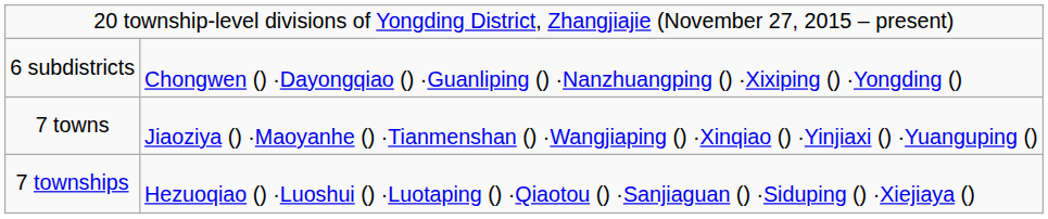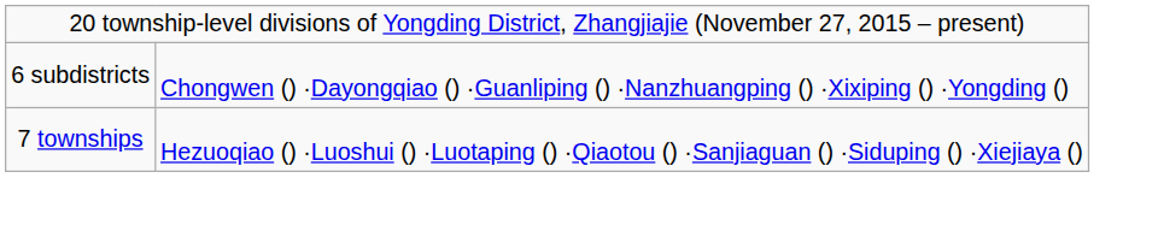 <table class="wikitable">
 <tr>
 <td style="text-align:center;" colspan="2">20 township-level divisions of <a href='#'>Yongding District</a>, <a href='#'>Zhangjiajie</a> (November 27, 2015 – present)</td>
 </tr>
 <tr align=left>
 <td align=center>6 subdistricts</td>
 <td><br><a href='#'>Chongwen</a> () ·<a href='#'>Dayongqiao</a> () ·<a href='#'>Guanliping</a> () ·<a href='#'>Nanzhuangping</a> () ·<a href='#'>Xixiping</a> () ·<a href='#'>Yongding</a> ()</td>
 </tr>
 <tr align=left>
-<td align=center>7 towns</td>
-<td><br><a href='#'>Jiaoziya</a> () ·<a href='#'>Maoyanhe</a> () ·<a href='#'>Tianmenshan</a> () ·<a href='#'>Wangjiaping</a> () ·<a href='#'>Xinqiao</a> () ·<a href='#'>Yinjiaxi</a> () ·<a href='#'>Yuanguping</a> ()</td>
-</tr>
-<tr align=left>
 <td align=center>7 <a href='#'>townships</a></td>
 <td><br><a href='#'>Hezuoqiao</a> () ·<a href='#'>Luoshui</a> () ·<a href='#'>Luotaping</a> () ·<a href='#'>Qiaotou</a> () ·<a href='#'>Sanjiaguan</a> () ·<a href='#'>Siduping</a> () ·<a href='#'>Xiejiaya</a> ()</td>
 </tr>
 </table>
